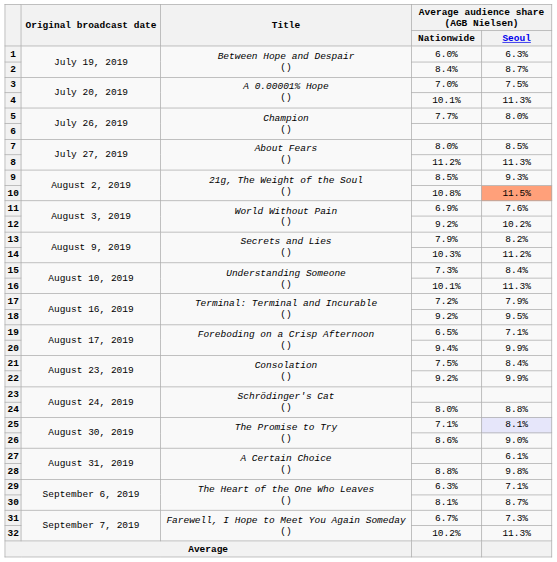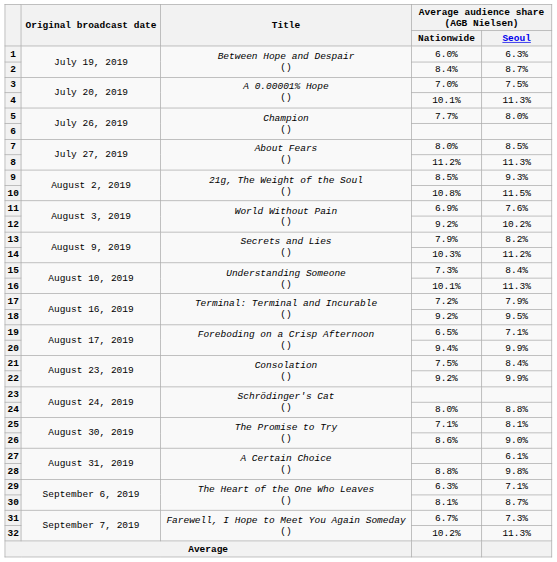 <table class="wikitable" style="margin-left:auto; margin-right:auto; width:750px; text-align:center;">
 <tr>
 <th rowspan="2"></th>
 <th rowspan="2">Original broadcast date</th>
 <th rowspan="2">Title</th>
 <th colspan="2">Average audience share<br>(AGB Nielsen)</th>
 </tr>
 <tr>
 <th width="90">Nationwide</th>
 <th width="90"><a href='#'>Seoul</a></th>
 </tr>
 <tr>
 <th>1</th>
 <td rowspan="2">July 19, 2019</td>
 <td rowspan="2"><em>Between Hope and Despair</em><br>()</td>
 <td>6.0% </td>
 <td>6.3% </td>
 </tr>
 <tr>
 <th>2</th>
 <td>8.4% </td>
 <td>8.7% </td>
 </tr>
 <tr>
 <th>3</th>
 <td rowspan="2">July 20, 2019</td>
 <td rowspan="2"><em>A 0.00001% Hope</em><br>()</td>
 <td>7.0% </td>
 <td>7.5% </td>
 </tr>
 <tr>
 <th>4</th>
 <td>10.1% </td>
 <td>11.3% </td>
 </tr>
 <tr>
 <th>5</th>
 <td rowspan="2">July 26, 2019</td>
 <td rowspan="2"><em>Champion</em><br>()</td>
 <td>7.7% </td>
 <td>8.0% </td>
 </tr>
 <tr>
 <th>6</th>
 <td> </td>
 <td> </td>
 </tr>
 <tr>
 <th>7</th>
 <td rowspan="2">July 27, 2019</td>
 <td rowspan="2"><em>About Fears</em><br>()</td>
 <td>8.0% </td>
 <td>8.5% </td>
 </tr>
 <tr>
 <th>8</th>
 <td>11.2% </td>
 <td>11.3% </td>
 </tr>
 <tr>
 <th>9</th>
 <td rowspan="2">August 2, 2019</td>
 <td rowspan="2"><em>21g, The Weight of the Soul</em><br>()</td>
 <td>8.5% </td>
 <td>9.3% </td>
 </tr>
 <tr>
 <th>10</th>
 <td>10.8% </td>
-<td style="background: lightsalmon;">11.5% </td>
+<td>11.5% </td>
 </tr>
 <tr>
 <th>11</th>
 <td rowspan="2">August 3, 2019</td>
 <td rowspan="2"><em>World Without Pain</em><br>()</td>
 <td>6.9% </td>
 <td>7.6% </td>
 </tr>
 <tr>
 <th>12</th>
 <td>9.2% </td>
 <td>10.2% </td>
 </tr>
 <tr>
 <th>13</th>
 <td rowspan="2">August 9, 2019</td>
 <td rowspan="2"><em>Secrets and Lies</em><br>()</td>
 <td>7.9% </td>
 <td>8.2% </td>
 </tr>
 <tr>
 <th>14</th>
 <td>10.3% </td>
 <td>11.2% </td>
 </tr>
 <tr>
 <th>15</th>
 <td rowspan="2">August 10, 2019</td>
 <td rowspan="2"><em>Understanding Someone</em><br>()</td>
 <td>7.3% </td>
 <td>8.4% </td>
 </tr>
 <tr>
 <th>16</th>
 <td>10.1% </td>
 <td>11.3% </td>
 </tr>
 <tr>
 <th>17</th>
 <td rowspan="2">August 16, 2019</td>
 <td rowspan="2"><em>Terminal: Terminal and Incurable</em><br>()</td>
 <td>7.2% </td>
 <td>7.9% </td>
 </tr>
 <tr>
 <th>18</th>
 <td>9.2% </td>
 <td>9.5% </td>
 </tr>
 <tr>
 <th>19</th>
 <td rowspan="2">August 17, 2019</td>
 <td rowspan="2"><em>Foreboding on a Crisp Afternoon</em><br>()</td>
 <td>6.5% </td>
 <td>7.1% </td>
 </tr>
 <tr>
 <th>20</th>
 <td>9.4% </td>
 <td>9.9% </td>
 </tr>
 <tr>
 <th>21</th>
 <td rowspan="2">August 23, 2019</td>
 <td rowspan="2"><em>Consolation</em><br>()</td>
 <td>7.5% </td>
 <td>8.4% </td>
 </tr>
 <tr>
 <th>22</th>
 <td>9.2% </td>
 <td>9.9% </td>
 </tr>
 <tr>
 <th>23</th>
 <td rowspan="2">August 24, 2019</td>
 <td rowspan="2"><em>Schrödinger's Cat</em><br>()</td>
 <td> </td>
 <td> </td>
 </tr>
 <tr>
 <th>24</th>
 <td>8.0% </td>
 <td>8.8% </td>
 </tr>
 <tr>
 <th>25</th>
 <td rowspan="2">August 30, 2019</td>
 <td rowspan="2"><em>The Promise to Try</em><br>()</td>
 <td>7.1% </td>
-<td style="background: lavender;">8.1% </td>
+<td>8.1% </td>
 </tr>
 <tr>
 <th>26</th>
 <td>8.6% </td>
 <td>9.0% </td>
 </tr>
 <tr>
 <th>27</th>
 <td rowspan="2">August 31, 2019</td>
 <td rowspan="2"><em>A Certain Choice</em><br>()</td>
 <td> </td>
 <td>6.1% </td>
 </tr>
 <tr>
 <th>28</th>
 <td>8.8% </td>
 <td>9.8% </td>
 </tr>
 <tr>
 <th>29</th>
 <td rowspan="2">September 6, 2019</td>
 <td rowspan="2"><em>The Heart of the One Who Leaves</em><br>()</td>
 <td>6.3% </td>
 <td>7.1% </td>
 </tr>
 <tr>
 <th>30</th>
 <td>8.1% </td>
 <td>8.7% </td>
 </tr>
 <tr>
 <th>31</th>
 <td rowspan="2">September 7, 2019</td>
 <td rowspan="2"><em>Farewell, I Hope to Meet You Again Someday</em><br>()</td>
 <td>6.7% </td>
 <td>7.3% </td>
 </tr>
 <tr>
 <th>32</th>
 <td>10.2% </td>
 <td>11.3% </td>
 </tr>
 <tr>
 <th colspan="3">Average</th>
 <th></th>
 <th></th>
 </tr>
 </table>
